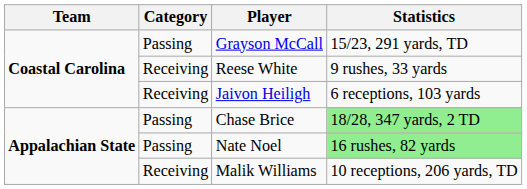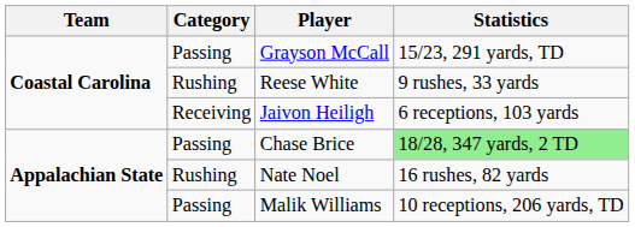 <table class="wikitable" style="float: left;">
 <tr>
 <th>Team</th>
 <th>Category</th>
 <th>Player</th>
 <th>Statistics</th>
 </tr>
 <tr>
 <td rowspan=3><strong>Coastal Carolina</strong></td>
 <td>Passing</td>
 <td><a href='#'>Grayson McCall</a></td>
 <td>15/23, 291 yards, TD</td>
 </tr>
 <tr>
-<td>Receiving</td>
+<td>Rushing</td>
 <td>Reese White</td>
 <td>9 rushes, 33 yards</td>
 </tr>
 <tr>
 <td>Receiving</td>
 <td><a href='#'>Jaivon Heiligh</a></td>
 <td>6 receptions, 103 yards</td>
 </tr>
 <tr>
 <td rowspan=3><strong>Appalachian State</strong></td>
 <td>Passing</td>
 <td>Chase Brice</td>
 <td style="background: lightgreen;">18/28, 347 yards, 2 TD</td>
 </tr>
 <tr>
-<td>Passing</td>
+<td>Rushing</td>
 <td>Nate Noel</td>
-<td style="background: lightgreen;">16 rushes, 82 yards</td>
+<td>16 rushes, 82 yards</td>
 </tr>
 <tr>
-<td>Receiving</td>
+<td>Passing</td>
 <td>Malik Williams</td>
 <td>10 receptions, 206 yards, TD</td>
 </tr>
 </table>
